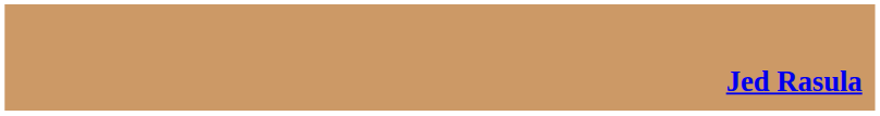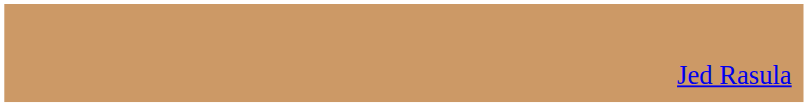 <table class="toccolours" style="float: right; margin-left: 2em; margin-right: 1em; font-size: 90%; background:#CC9966; width:30em; max-width: 40%;" cellspacing="5">
 <tr>
 <td style="text-align: left;"><br></td>
 </tr>
 <tr>
-<td style="text-align: right;"><strong><a href='#'>Jed Rasula</a></strong></td>
+<td style="text-align: right;"><a href='#'>Jed Rasula</a></td>
 </tr>
 </table>
